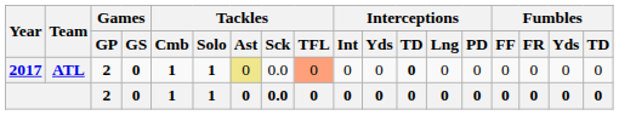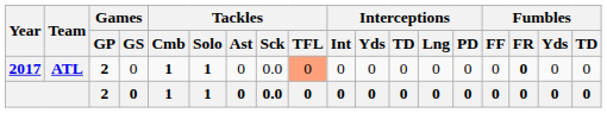 <table class="wikitable" style="text-align:center">
 <tr>
 <th rowspan="2">Year</th>
 <th rowspan="2">Team</th>
 <th colspan="2">Games</th>
 <th colspan="5">Tackles</th>
 <th colspan="5">Interceptions</th>
 <th colspan="4">Fumbles</th>
 </tr>
 <tr>
 <th>GP</th>
 <th>GS</th>
 <th>Cmb</th>
 <th>Solo</th>
 <th>Ast</th>
 <th>Sck</th>
 <th>TFL</th>
 <th>Int</th>
 <th>Yds</th>
 <th>TD</th>
 <th>Lng</th>
 <th>PD</th>
 <th>FF</th>
 <th>FR</th>
 <th>Yds</th>
 <th>TD</th>
 </tr>
 <tr>
 <th><a href='#'>2017</a></th>
 <th><a href='#'>ATL</a></th>
 <td><strong>2</strong></td>
-<td><strong>0</strong></td>
+<td>0</td>
 <td><strong>1</strong></td>
 <td><strong>1</strong></td>
-<td style="background: khaki;">0</td>
+<td>0</td>
 <td>0.0</td>
 <td style="background: lightsalmon;">0</td>
 <td>0</td>
 <td>0</td>
-<td><strong>0</strong></td>
 <td>0</td>
 <td>0</td>
 <td>0</td>
 <td>0</td>
+<td><strong>0</strong></td>
 <td>0</td>
 <td>0</td>
 </tr>
 <tr>
 <th colspan="2"></th>
 <th>2</th>
 <th>0</th>
 <th>1</th>
 <th>1</th>
 <th>0</th>
 <th>0.0</th>
 <th>0</th>
 <th>0</th>
 <th>0</th>
 <th>0</th>
 <th>0</th>
 <th>0</th>
 <th>0</th>
 <th>0</th>
 <th>0</th>
 <th>0</th>
 </tr>
 </table>
